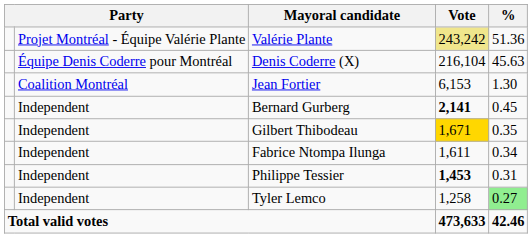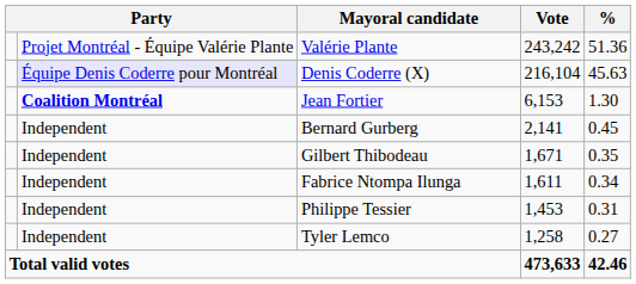 <table class="wikitable">
 <tr>
 <th bgcolor="#DDDDFF" width="230px" colspan="2">Party</th>
 <th bgcolor="#DDDDFF" width="200px">Mayoral candidate</th>
 <th bgcolor="#DDDDFF" width="50px">Vote</th>
 <th bgcolor="#DDDDFF" width="30px">%</th>
 </tr>
 <tr>
 <td> </td>
 <td><a href='#'>Projet Montréal</a> - Équipe Valérie Plante</td>
 <td><a href='#'>Valérie Plante</a></td>
-<td style="background: khaki;">243,242</td>
+<td>243,242</td>
 <td>51.36</td>
 </tr>
 <tr>
 <td> </td>
-<td><a href='#'>Équipe Denis Coderre</a> pour Montréal</td>
+<td style="background: lavender;"><a href='#'>Équipe Denis Coderre</a> pour Montréal</td>
 <td><a href='#'>Denis Coderre</a> (X)</td>
 <td>216,104</td>
 <td>45.63</td>
 </tr>
 <tr>
 <td> </td>
-<td><a href='#'>Coalition Montréal</a></td>
+<td><strong><a href='#'>Coalition Montréal</a></strong></td>
 <td><a href='#'>Jean Fortier</a></td>
 <td>6,153</td>
 <td>1.30</td>
 </tr>
 <tr>
 <td> </td>
 <td>Independent</td>
 <td>Bernard Gurberg</td>
-<td><strong>2,141</strong></td>
+<td>2,141</td>
 <td>0.45</td>
 </tr>
 <tr>
 <td> </td>
 <td>Independent</td>
 <td>Gilbert Thibodeau</td>
-<td style="background: gold;">1,671</td>
+<td>1,671</td>
 <td>0.35</td>
 </tr>
 <tr>
 <td> </td>
 <td>Independent</td>
 <td>Fabrice Ntompa Ilunga</td>
 <td>1,611</td>
 <td>0.34</td>
 </tr>
 <tr>
 <td> </td>
 <td>Independent</td>
 <td>Philippe Tessier</td>
-<td><strong>1,453</strong></td>
+<td>1,453</td>
 <td>0.31</td>
 </tr>
 <tr>
 <td> </td>
 <td>Independent</td>
 <td>Tyler Lemco</td>
 <td>1,258</td>
-<td style="background: lightgreen;">0.27</td>
+<td>0.27</td>
 </tr>
 <tr>
 <td colspan="3"><strong>Total valid votes</strong></td>
 <td><strong>473,633</strong></td>
 <td><strong>42.46</strong></td>
 </tr>
 </table>
